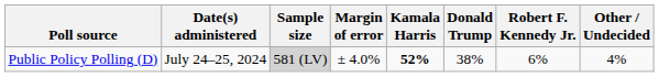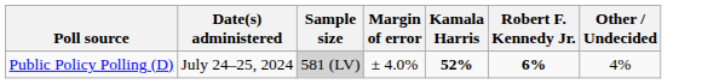 <table class="wikitable sortable mw-datatable" style="font-size:90%;text-align:center;line-height:17px">
 <tr valign=bottom>
 <th>Poll source</th>
 <th>Date(s)<br>administered</th>
 <th>Sample<br>size</th>
 <th>Margin<br>of error</th>
 <th class="unsortable">Kamala<br>Harris<br></th>
-<th class="unsortable">Donald<br>Trump<br></th>
 <th class="unsortable">Robert F.<br>Kennedy Jr.<br></th>
 <th class="unsortable">Other /<br>Undecided</th>
 </tr>
 <tr>
 <td style="text-align:left;"><a href='#'>Public Policy Polling (D)</a></td>
 <td data-sort-value="2024-07-25">July 24–25, 2024</td>
 <td style="background: lightgrey;">581 (LV)</td>
 <td>± 4.0%</td>
 <td style="color:black;background-color:"><strong>52%</strong></td>
-<td>38%</td>
-<td>6%</td>
+<td><strong>6%</strong></td>
 <td>4%</td>
 </tr>
 </table>
